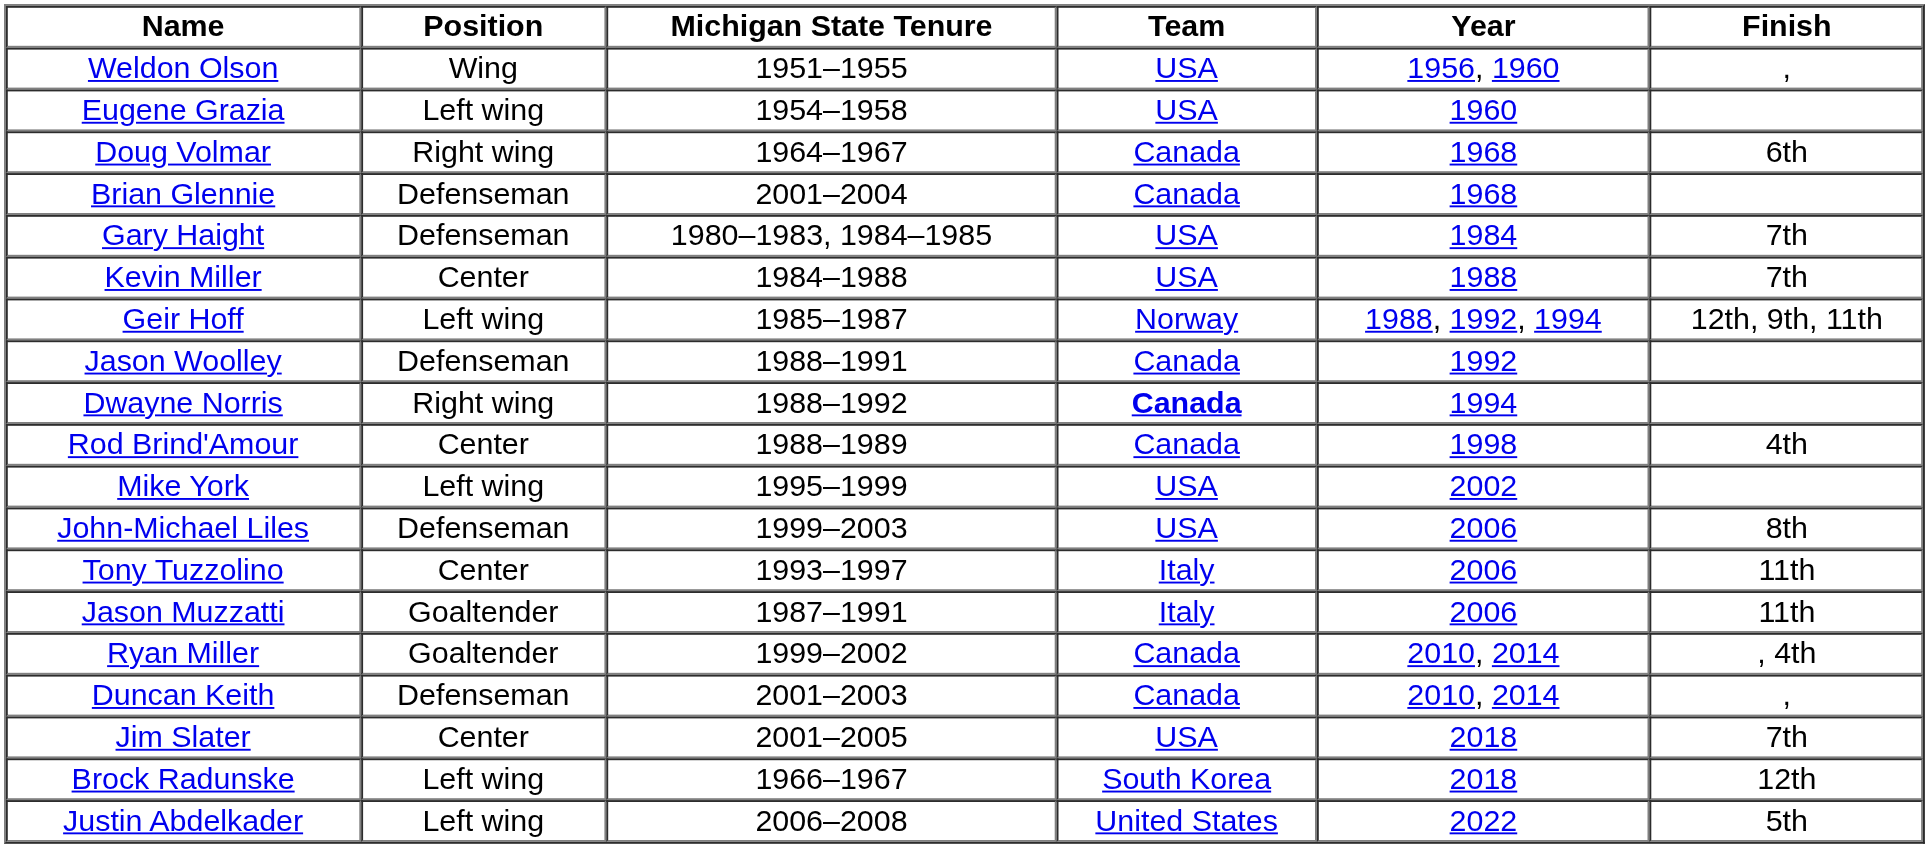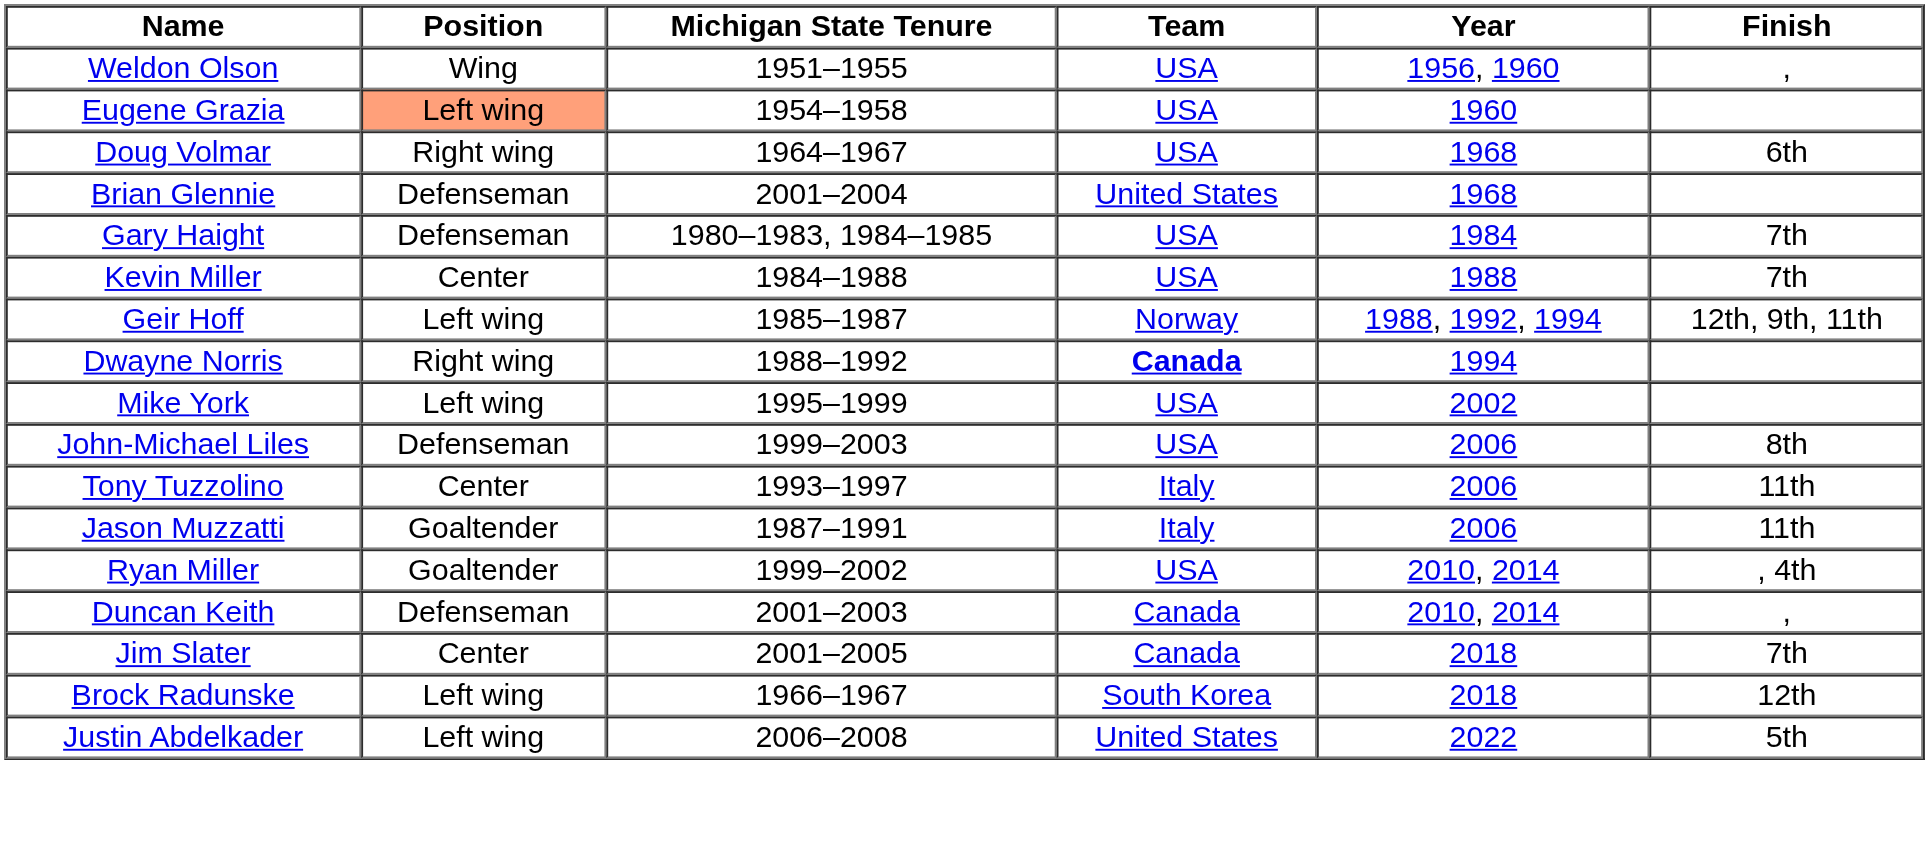 <table cellpadding="1" border="1" cellspacing="0" width="80%">
 <tr>
 <th>Name</th>
 <th>Position</th>
 <th>Michigan State Tenure</th>
 <th>Team</th>
 <th>Year</th>
 <th>Finish</th>
 </tr>
 <tr align="center">
 <td><a href='#'>Weldon Olson</a></td>
 <td>Wing</td>
 <td>1951–1955</td>
 <td> <a href='#'>USA</a></td>
 <td><a href='#'>1956</a>, <a href='#'>1960</a></td>
 <td>, </td>
 </tr>
 <tr align="center">
 <td><a href='#'>Eugene Grazia</a></td>
-<td>Left wing</td>
+<td style="background: lightsalmon;">Left wing</td>
 <td>1954–1958</td>
 <td> <a href='#'>USA</a></td>
 <td><a href='#'>1960</a></td>
 <td></td>
 </tr>
 <tr align="center">
 <td><a href='#'>Doug Volmar</a></td>
 <td>Right wing</td>
 <td>1964–1967</td>
-<td> <a href='#'>Canada</a></td>
+<td> <a href='#'>USA</a></td>
 <td><a href='#'>1968</a></td>
 <td>6th</td>
 </tr>
 <tr align="center">
 <td><a href='#'>Brian Glennie</a></td>
 <td>Defenseman</td>
 <td>2001–2004</td>
-<td> <a href='#'>Canada</a></td>
+<td> <a href='#'>United States</a></td>
 <td><a href='#'>1968</a></td>
 <td></td>
 </tr>
 <tr align="center">
 <td><a href='#'>Gary Haight</a></td>
 <td>Defenseman</td>
 <td>1980–1983, 1984–1985</td>
 <td> <a href='#'>USA</a></td>
 <td><a href='#'>1984</a></td>
 <td>7th</td>
 </tr>
 <tr align="center">
 <td><a href='#'>Kevin Miller</a></td>
 <td>Center</td>
 <td>1984–1988</td>
 <td> <a href='#'>USA</a></td>
 <td><a href='#'>1988</a></td>
 <td>7th</td>
 </tr>
 <tr align="center">
 <td><a href='#'>Geir Hoff</a></td>
 <td>Left wing</td>
 <td>1985–1987</td>
 <td> <a href='#'>Norway</a></td>
 <td><a href='#'>1988</a>, <a href='#'>1992</a>, <a href='#'>1994</a></td>
 <td>12th, 9th, 11th</td>
 </tr>
 <tr align="center">
-<td><a href='#'>Jason Woolley</a></td>
-<td>Defenseman</td>
-<td>1988–1991</td>
-<td> <a href='#'>Canada</a></td>
-<td><a href='#'>1992</a></td>
-<td></td>
-</tr>
-<tr align="center">
 <td><a href='#'>Dwayne Norris</a></td>
 <td>Right wing</td>
 <td>1988–1992</td>
 <td><strong> <a href='#'>Canada</a></strong></td>
 <td><a href='#'>1994</a></td>
 <td></td>
-</tr>
-<tr align="center">
-<td><a href='#'>Rod Brind'Amour</a></td>
-<td>Center</td>
-<td>1988–1989</td>
-<td> <a href='#'>Canada</a></td>
-<td><a href='#'>1998</a></td>
-<td>4th</td>
 </tr>
 <tr align="center">
 <td><a href='#'>Mike York</a></td>
 <td>Left wing</td>
 <td>1995–1999</td>
 <td> <a href='#'>USA</a></td>
 <td><a href='#'>2002</a></td>
 <td></td>
 </tr>
 <tr align="center">
 <td><a href='#'>John-Michael Liles</a></td>
 <td>Defenseman</td>
 <td>1999–2003</td>
 <td> <a href='#'>USA</a></td>
 <td><a href='#'>2006</a></td>
 <td>8th</td>
 </tr>
 <tr align="center">
 <td><a href='#'>Tony Tuzzolino</a></td>
 <td>Center</td>
 <td>1993–1997</td>
 <td> <a href='#'>Italy</a></td>
 <td><a href='#'>2006</a></td>
 <td>11th</td>
 </tr>
 <tr align="center">
 <td><a href='#'>Jason Muzzatti</a></td>
 <td>Goaltender</td>
 <td>1987–1991</td>
 <td> <a href='#'>Italy</a></td>
 <td><a href='#'>2006</a></td>
 <td>11th</td>
 </tr>
 <tr align="center">
 <td><a href='#'>Ryan Miller</a></td>
 <td>Goaltender</td>
 <td>1999–2002</td>
-<td> <a href='#'>Canada</a></td>
+<td> <a href='#'>USA</a></td>
 <td><a href='#'>2010</a>, <a href='#'>2014</a></td>
 <td>, 4th</td>
 </tr>
 <tr align="center">
 <td><a href='#'>Duncan Keith</a></td>
 <td>Defenseman</td>
 <td>2001–2003</td>
 <td> <a href='#'>Canada</a></td>
 <td><a href='#'>2010</a>, <a href='#'>2014</a></td>
 <td>, </td>
 </tr>
 <tr align="center">
 <td><a href='#'>Jim Slater</a></td>
 <td>Center</td>
 <td>2001–2005</td>
-<td> <a href='#'>USA</a></td>
+<td> <a href='#'>Canada</a></td>
 <td><a href='#'>2018</a></td>
 <td>7th</td>
 </tr>
 <tr align="center">
 <td><a href='#'>Brock Radunske</a></td>
 <td>Left wing</td>
 <td>1966–1967</td>
 <td> <a href='#'>South Korea</a></td>
 <td><a href='#'>2018</a></td>
 <td>12th</td>
 </tr>
 <tr align="center">
 <td><a href='#'>Justin Abdelkader</a></td>
 <td>Left wing</td>
 <td>2006–2008</td>
 <td> <a href='#'>United States</a></td>
 <td><a href='#'>2022</a></td>
 <td>5th</td>
 </tr>
 <tr align="center">
 </tr>
 </table>
